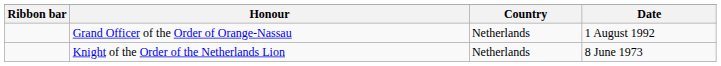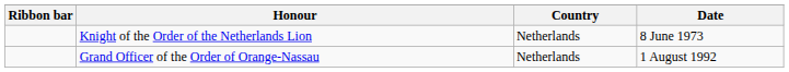 <table class="wikitable" style="width:60%;">
 <tr style="background:#ccf; text-align:center;">
 </tr>
 <tr>
 <th style="width:80px;">Ribbon bar</th>
 <th>Honour</th>
 <th>Country</th>
 <th>Date</th>
 </tr>
 <tr>
 <td></td>
+<td><a href='#'>Knight</a> of the <a href='#'>Order of the Netherlands Lion</a></td>
+<td>Netherlands</td>
+<td>8 June 1973</td>
+</tr>
+<tr>
+<td></td>
 <td><a href='#'>Grand Officer</a> of the <a href='#'>Order of Orange-Nassau</a></td>
 <td>Netherlands</td>
 <td>1 August 1992</td>
 </tr>
-<tr>
-<td></td>
-<td><a href='#'>Knight</a> of the <a href='#'>Order of the Netherlands Lion</a></td>
-<td>Netherlands</td>
-<td>8 June 1973</td>
-</tr>
 </table>
